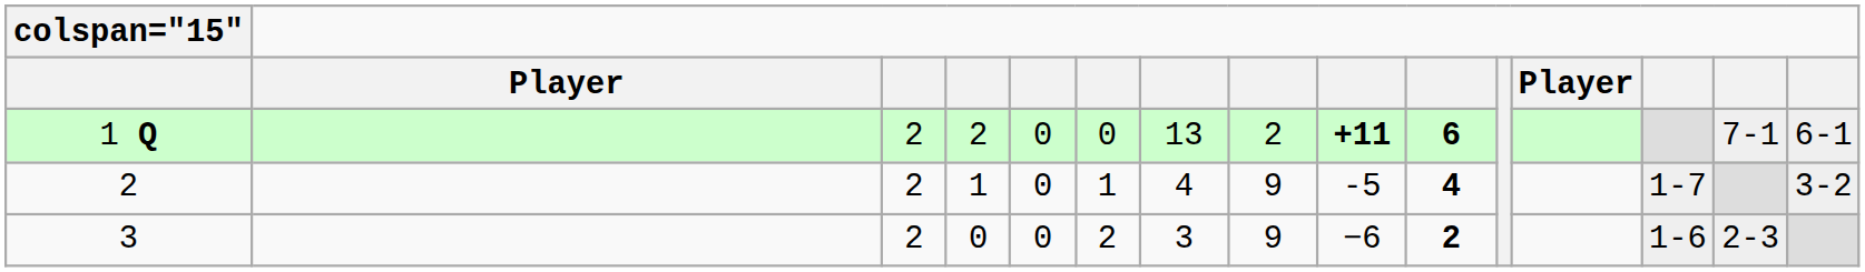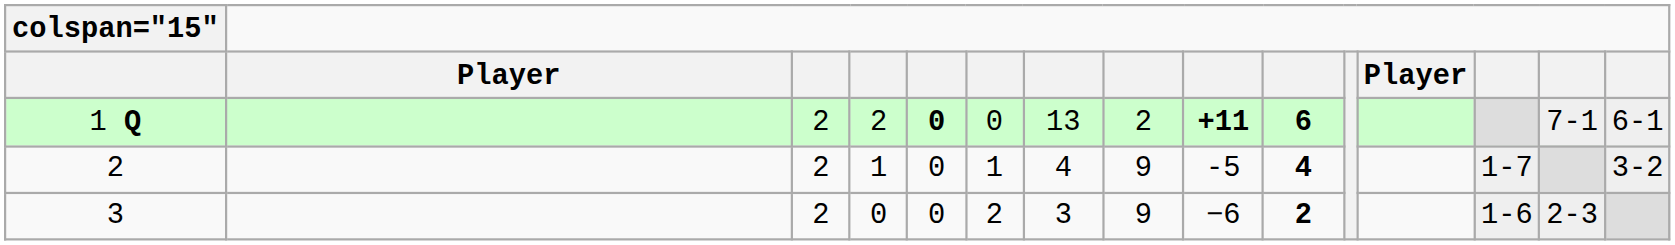 <table class=wikitable style=text-align:center>
 <tr>
 <th>colspan="15" </th>
 </tr>
 <tr>
 <th width=20 abbr=Position></th>
 <th width=250>Player</th>
 <th width=20 abbr=Played></th>
 <th width=20 abbr=Won></th>
 <th width=20 abbr=Drawn></th>
 <th width=20 abbr=Lost></th>
 <th width=30 abbr=Points for></th>
 <th width=30 abbr=Points against></th>
 <th width=30 abbr=Points difference></th>
 <th width=30 abbr=Points></th>
 <th rowspan="4" abbr=H2H></th>
 <th>Player</th>
 <th></th>
 <th></th>
 <th></th>
 </tr>
 <tr bgcolor=#CCFFCC>
 <td>1 <strong>Q</strong></td>
 <td align=left><strong></strong></td>
 <td>2</td>
 <td>2</td>
-<td>0</td>
+<td><strong>0</strong></td>
 <td>0</td>
 <td>13</td>
 <td>2</td>
 <td><strong>+11</strong></td>
 <td><strong>6</strong></td>
 <td></td>
 <td bgcolor="#dddddd"> </td>
 <td bgcolor="#efefef">7-1</td>
 <td bgcolor="#efefef">6-1</td>
 </tr>
 <tr>
 <td>2  </td>
 <td align=left><strong></strong></td>
 <td>2</td>
 <td>1</td>
 <td>0</td>
 <td>1</td>
 <td>4</td>
 <td>9</td>
 <td>-5</td>
 <td><strong>4</strong></td>
 <td></td>
 <td bgcolor="#efefef">1-7</td>
 <td bgcolor="#dddddd"> </td>
 <td bgcolor="#efefef">3-2</td>
 </tr>
 <tr>
 <td>3 </td>
 <td align=left></td>
 <td>2</td>
 <td>0</td>
 <td>0</td>
 <td>2</td>
 <td>3</td>
 <td>9</td>
 <td>−6</td>
 <td><strong>2</strong></td>
 <td></td>
 <td bgcolor="#efefef">1-6</td>
 <td bgcolor="#efefef">2-3</td>
 <td bgcolor="#dddddd"> </td>
 </tr>
 </table>
